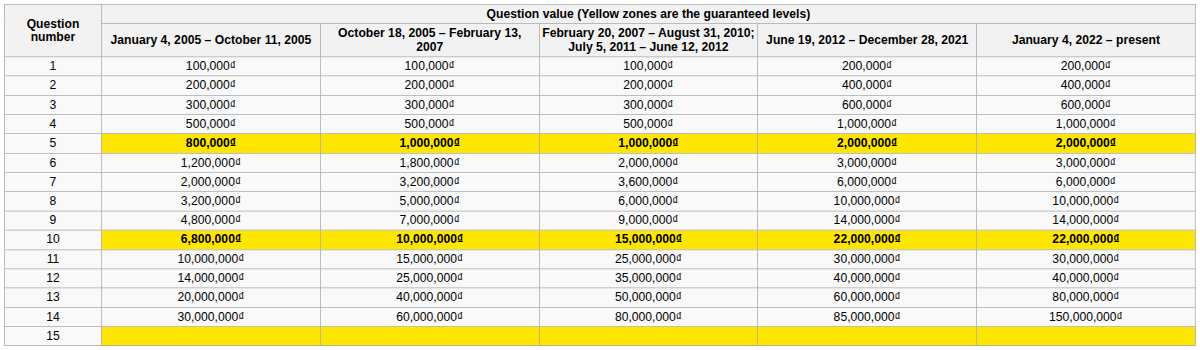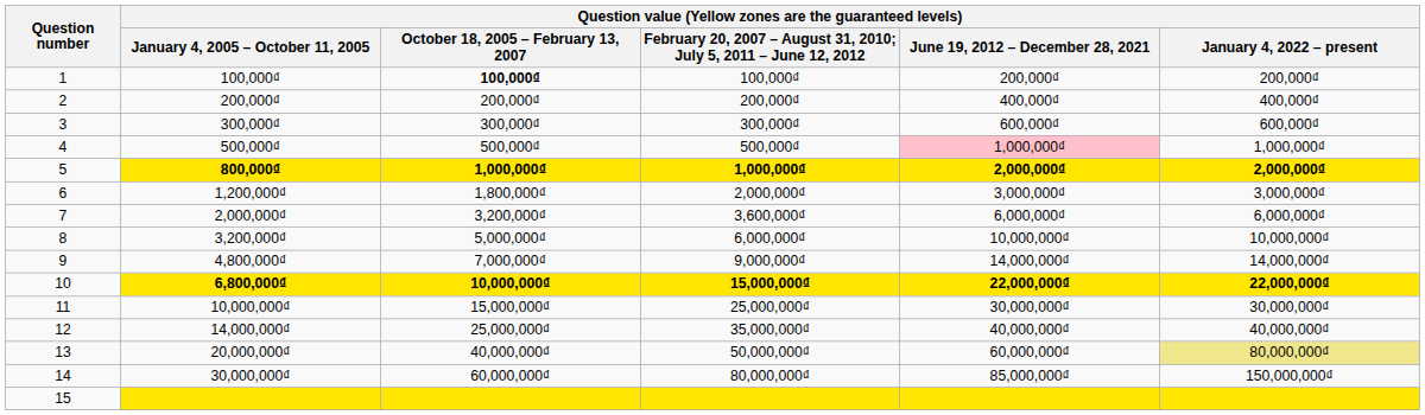 <table class="wikitable" style="text-align:center; border:1px; cellpadding:2; cellspacing:0;">
 <tr>
 <th rowspan="2" style="width: 8%">Question number</th>
 <th colspan="5">Question value (Yellow zones are the guaranteed levels)</th>
 </tr>
 <tr>
 <th style="width: 18%">January 4, 2005 – October 11, 2005</th>
 <th style="width: 18%">October 18, 2005 – February 13, 2007</th>
 <th style="width: 18%">February 20, 2007 – August 31, 2010; July 5, 2011 – June 12, 2012</th>
 <th style="width: 18%">June 19, 2012 – December 28, 2021</th>
 <th style="width: 18%">January 4, 2022 – present</th>
 </tr>
 <tr>
 <td>1</td>
 <td><span>100,000₫</span></td>
-<td><span>100,000₫</span></td>
+<td><strong><span>100,000₫</span></strong></td>
 <td><span>100,000₫</span></td>
 <td><span>200,000₫</span></td>
 <td><span>200,000₫</span></td>
 </tr>
 <tr>
 <td>2</td>
 <td><span>200,000₫</span></td>
 <td><span>200,000₫</span></td>
 <td><span>200,000₫</span></td>
 <td><span>400,000₫</span></td>
 <td><span>400,000₫</span></td>
 </tr>
 <tr>
 <td>3</td>
 <td><span>300,000₫</span></td>
 <td><span>300,000₫</span></td>
 <td><span>300,000₫</span></td>
 <td><span>600,000₫</span></td>
 <td><span>600,000₫</span></td>
 </tr>
 <tr>
 <td>4</td>
 <td><span>500,000₫</span></td>
 <td><span>500,000₫</span></td>
 <td><span>500,000₫</span></td>
-<td><span>1,000,000₫</span></td>
+<td style="background: pink;"><span>1,000,000₫</span></td>
 <td><span>1,000,000₫</span></td>
 </tr>
 <tr>
 <td>5</td>
 <td style="background: #FFE600"><span><strong>800,000₫</strong></span></td>
 <td style="background: #FFE600"><span><strong>1,000,000₫</strong></span></td>
 <td style="background: #FFE600"><span><strong>1,000,000₫</strong></span></td>
 <td style="background: #FFE600"><span><strong>2,000,000₫</strong></span></td>
 <td style="background: #FFE600"><span><strong>2,000,000₫</strong></span></td>
 </tr>
 <tr>
 <td>6</td>
 <td><span>1,200,000₫</span></td>
 <td><span>1,800,000₫</span></td>
 <td><span>2,000,000₫</span></td>
 <td><span>3,000,000₫</span></td>
 <td><span>3,000,000₫</span></td>
 </tr>
 <tr>
 <td>7</td>
 <td><span>2,000,000₫</span></td>
 <td><span>3,200,000₫</span></td>
 <td><span>3,600,000₫</span></td>
 <td><span>6,000,000₫</span></td>
 <td><span>6,000,000₫</span></td>
 </tr>
 <tr>
 <td>8</td>
 <td><span>3,200,000₫</span></td>
 <td><span>5,000,000₫</span></td>
 <td><span>6,000,000₫</span></td>
 <td><span>10,000,000₫</span></td>
 <td><span>10,000,000₫</span></td>
 </tr>
 <tr>
 <td>9</td>
 <td><span>4,800,000₫</span></td>
 <td><span>7,000,000₫</span></td>
 <td><span>9,000,000₫</span></td>
 <td><span>14,000,000₫</span></td>
 <td><span>14,000,000₫</span></td>
 </tr>
 <tr>
 <td>10</td>
 <td style="background: #FFE600"><span><strong>6,800,000₫</strong></span></td>
 <td style="background: #FFE600"><span><strong>10,000,000₫</strong></span></td>
 <td style="background: #FFE600"><span><strong>15,000,000₫</strong></span></td>
 <td style="background: #FFE600"><span><strong>22,000,000₫</strong></span></td>
 <td style="background: #FFE600"><span><strong>22,000,000₫</strong></span></td>
 </tr>
 <tr>
 <td>11</td>
 <td><span>10,000,000₫</span></td>
 <td><span>15,000,000₫</span></td>
 <td><span>25,000,000₫</span></td>
 <td><span>30,000,000₫</span></td>
 <td><span>30,000,000₫</span></td>
 </tr>
 <tr>
 <td>12</td>
 <td><span>14,000,000₫</span></td>
 <td><span>25,000,000₫</span></td>
 <td><span>35,000,000₫</span></td>
 <td><span>40,000,000₫</span></td>
 <td><span>40,000,000₫</span></td>
 </tr>
 <tr>
 <td>13</td>
 <td><span>20,000,000₫</span></td>
 <td><span>40,000,000₫</span></td>
 <td><span>50,000,000₫</span></td>
 <td><span>60,000,000₫</span></td>
-<td><span>80,000,000₫</span></td>
+<td style="background: khaki;"><span>80,000,000₫</span></td>
 </tr>
 <tr>
 <td>14</td>
 <td><span>30,000,000₫</span></td>
 <td><span>60,000,000₫</span></td>
 <td><span>80,000,000₫</span></td>
 <td><span>85,000,000₫</span></td>
 <td><span>150,000,000₫</span></td>
 </tr>
 <tr>
 <td>15</td>
 <td style="background: #FFE600"><span><strong></strong></span></td>
 <td style="background: #FFE600"><span><strong></strong></span></td>
 <td style="background: #FFE600"><span><strong></strong></span></td>
 <td style="background: #FFE600"><span><strong></strong></span></td>
 <td style="background: #FFE600"><span><strong></strong></span></td>
 </tr>
 </table>
